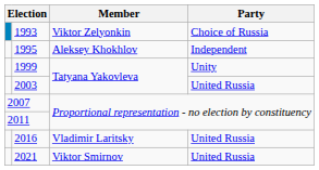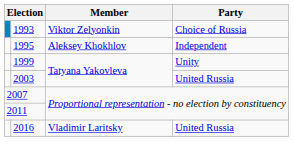 <table class="wikitable">
 <tr>
 <th colspan="2">Election</th>
 <th>Member</th>
 <th>Party</th>
 </tr>
 <tr>
 <td style="background-color:#0085BE"></td>
 <td><a href='#'>1993</a></td>
 <td><a href='#'>Viktor Zelyonkin</a></td>
 <td><a href='#'>Choice of Russia</a></td>
 </tr>
 <tr>
 <td style="background-color:"></td>
 <td><a href='#'>1995</a></td>
 <td><a href='#'>Aleksey Khokhlov</a></td>
 <td><a href='#'>Independent</a></td>
 </tr>
 <tr>
 <td style="background-color:"></td>
 <td><a href='#'>1999</a></td>
 <td rowspan=2><a href='#'>Tatyana Yakovleva</a></td>
 <td><a href='#'>Unity</a></td>
 </tr>
 <tr>
 <td style="background-color: "></td>
 <td><a href='#'>2003</a></td>
 <td><a href='#'>United Russia</a></td>
 </tr>
 <tr>
 <td colspan=2><a href='#'>2007</a></td>
 <td colspan=2 rowspan=2><em><a href='#'>Proportional representation</a> - no election by constituency</em></td>
 </tr>
 <tr>
 <td colspan=2><a href='#'>2011</a></td>
 </tr>
 <tr>
 <td style="background-color: "></td>
 <td><a href='#'>2016</a></td>
 <td><a href='#'>Vladimir Laritsky</a></td>
 <td><a href='#'>United Russia</a></td>
 </tr>
-<tr>
-<td style="background-color: "></td>
-<td><a href='#'>2021</a></td>
-<td><a href='#'>Viktor Smirnov</a></td>
-<td><a href='#'>United Russia</a></td>
-</tr>
 </table>
